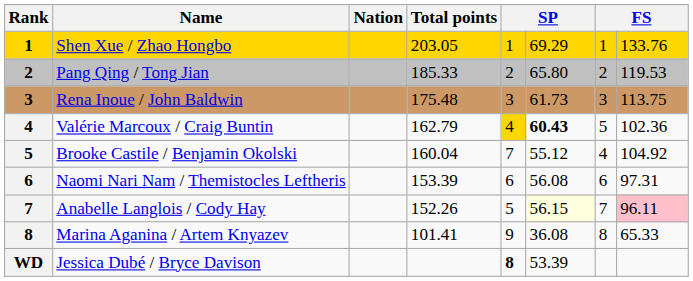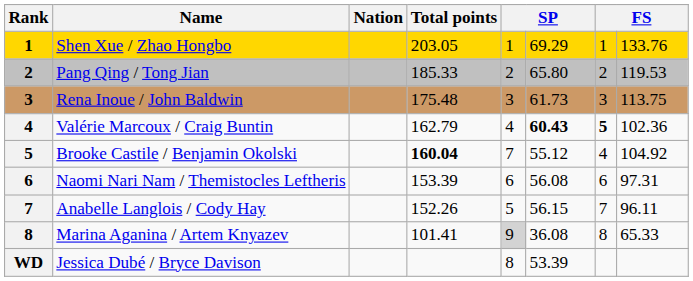 <table class="wikitable">
 <tr>
 <th>Rank</th>
 <th>Name</th>
 <th>Nation</th>
 <th>Total points</th>
 <th colspan="2" width="80px"><a href='#'>SP</a></th>
 <th colspan="2" width="80px"><a href='#'>FS</a></th>
 </tr>
 <tr bgcolor="gold">
 <td align="center"><strong>1</strong></td>
 <td><a href='#'>Shen Xue</a> / <a href='#'>Zhao Hongbo</a></td>
 <td></td>
 <td>203.05</td>
 <td>1</td>
 <td>69.29</td>
 <td>1</td>
 <td>133.76</td>
 </tr>
 <tr bgcolor="silver">
 <td align="center"><strong>2</strong></td>
 <td><a href='#'>Pang Qing</a> / <a href='#'>Tong Jian</a></td>
 <td></td>
 <td>185.33</td>
 <td>2</td>
 <td>65.80</td>
 <td>2</td>
 <td>119.53</td>
 </tr>
 <tr bgcolor="cc9966">
 <td align="center"><strong>3</strong></td>
 <td><a href='#'>Rena Inoue</a> / <a href='#'>John Baldwin</a></td>
 <td></td>
 <td>175.48</td>
 <td>3</td>
 <td>61.73</td>
 <td>3</td>
 <td>113.75</td>
 </tr>
 <tr>
 <th>4</th>
 <td><a href='#'>Valérie Marcoux</a> / <a href='#'>Craig Buntin</a></td>
 <td></td>
 <td>162.79</td>
-<td style="background: gold;">4</td>
+<td>4</td>
 <td><strong>60.43</strong></td>
-<td>5</td>
+<td><strong>5</strong></td>
 <td>102.36</td>
 </tr>
 <tr>
 <th>5</th>
 <td><a href='#'>Brooke Castile</a> / <a href='#'>Benjamin Okolski</a></td>
 <td></td>
-<td>160.04</td>
+<td><strong>160.04</strong></td>
 <td>7</td>
 <td>55.12</td>
 <td>4</td>
 <td>104.92</td>
 </tr>
 <tr>
 <th>6</th>
 <td><a href='#'>Naomi Nari Nam</a> / <a href='#'>Themistocles Leftheris</a></td>
 <td></td>
 <td>153.39</td>
 <td>6</td>
 <td>56.08</td>
 <td>6</td>
 <td>97.31</td>
 </tr>
 <tr>
 <th>7</th>
 <td><a href='#'>Anabelle Langlois</a> / <a href='#'>Cody Hay</a></td>
 <td></td>
 <td>152.26</td>
 <td>5</td>
-<td style="background: lightyellow;">56.15</td>
+<td>56.15</td>
 <td>7</td>
-<td style="background: pink;">96.11</td>
+<td>96.11</td>
 </tr>
 <tr>
 <th>8</th>
 <td><a href='#'>Marina Aganina</a> / <a href='#'>Artem Knyazev</a></td>
 <td></td>
 <td>101.41</td>
-<td>9</td>
+<td style="background: lightgrey;">9</td>
 <td>36.08</td>
 <td>8</td>
 <td>65.33</td>
 </tr>
 <tr>
 <th>WD</th>
 <td><a href='#'>Jessica Dubé</a> / <a href='#'>Bryce Davison</a></td>
 <td></td>
 <td></td>
-<td><strong>8</strong></td>
+<td>8</td>
 <td>53.39</td>
 <td></td>
 <td></td>
 </tr>
 </table>
